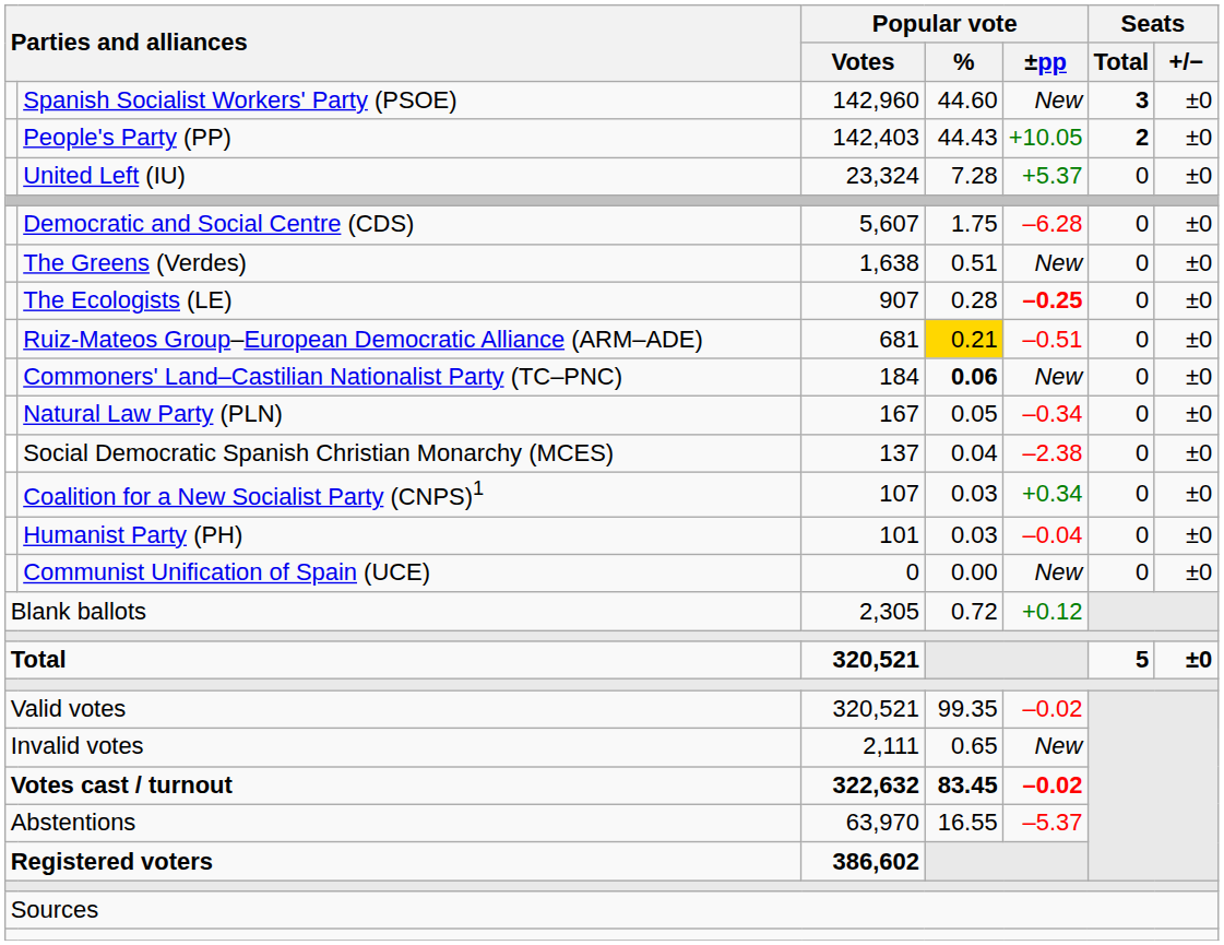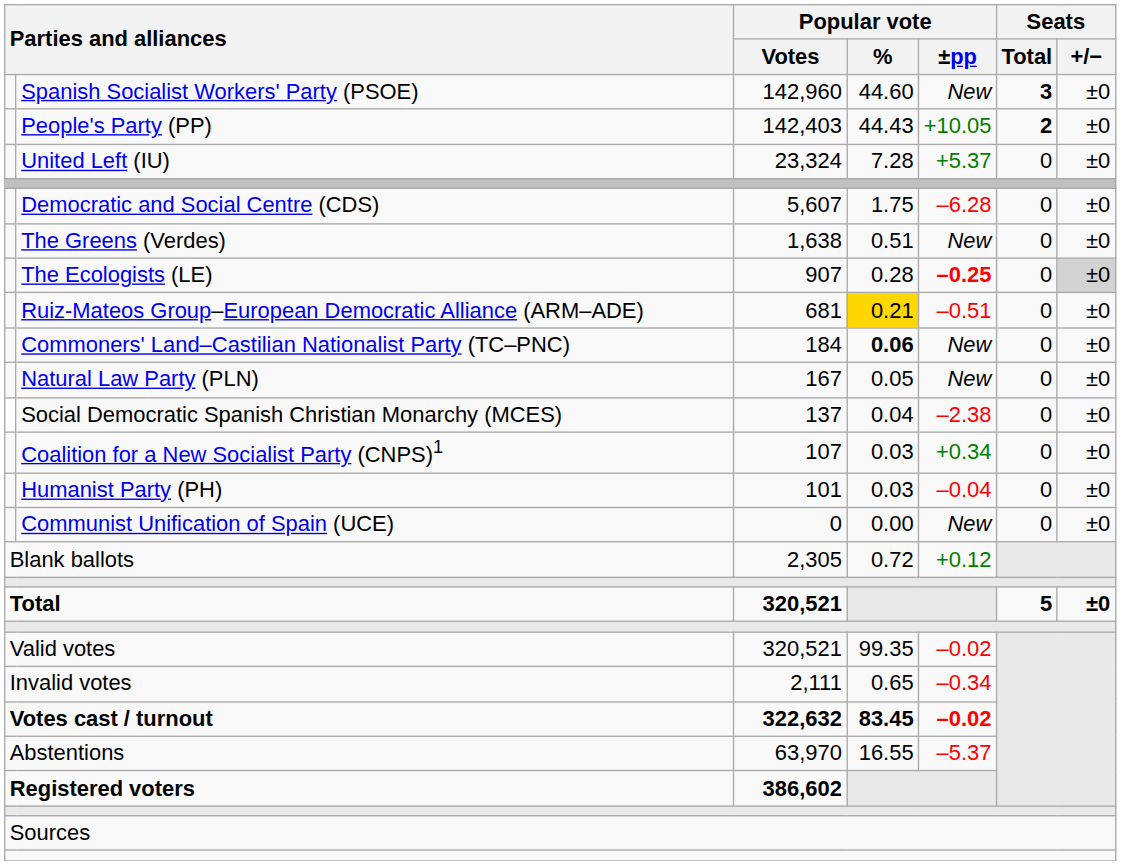 <table class="wikitable" style="text-align:right;">
 <tr>
 <th style="text-align:left;" rowspan="2" colspan="2" width="525">Parties and alliances</th>
 <th colspan="3">Popular vote</th>
 <th colspan="2">Seats</th>
 </tr>
 <tr>
 <th width="75">Votes</th>
 <th width="45">%</th>
 <th width="45">±<a href='#'>pp</a></th>
 <th width="35">Total</th>
 <th width="35">+/−</th>
 </tr>
 <tr>
 <td width="1" style="color:inherit;background:"></td>
 <td align="left"><a href='#'>Spanish Socialist Workers' Party</a> (PSOE)</td>
 <td>142,960</td>
 <td>44.60</td>
 <td><em>New</em></td>
 <td><strong>3</strong></td>
 <td>±0</td>
 </tr>
 <tr>
 <td style="color:inherit;background:"></td>
 <td align="left"><a href='#'>People's Party</a> (PP)</td>
 <td>142,403</td>
 <td>44.43</td>
 <td style="color:green;">+10.05</td>
 <td><strong>2</strong></td>
 <td>±0</td>
 </tr>
 <tr>
 <td style="color:inherit;background:"></td>
 <td align="left"><a href='#'>United Left</a> (IU)</td>
 <td>23,324</td>
 <td>7.28</td>
 <td style="color:green;">+5.37</td>
 <td>0</td>
 <td>±0</td>
 </tr>
 <tr>
 <td colspan="7" bgcolor="#C0C0C0"></td>
 </tr>
 <tr>
 <td style="color:inherit;background:"></td>
 <td align="left"><a href='#'>Democratic and Social Centre</a> (CDS)</td>
 <td>5,607</td>
 <td>1.75</td>
 <td style="color:red;">–6.28</td>
 <td>0</td>
 <td>±0</td>
 </tr>
 <tr>
 <td style="color:inherit;background:"></td>
 <td align="left"><a href='#'>The Greens</a> (Verdes)</td>
 <td>1,638</td>
 <td>0.51</td>
 <td><em>New</em></td>
 <td>0</td>
 <td>±0</td>
 </tr>
 <tr>
 <td style="color:inherit;background:"></td>
 <td align="left"><a href='#'>The Ecologists</a> (LE)</td>
 <td>907</td>
 <td>0.28</td>
 <td style="color:red;"><strong>–0.25</strong></td>
 <td>0</td>
-<td>±0</td>
+<td style="background: lightgrey;">±0</td>
 </tr>
 <tr>
 <td style="color:inherit;background:"></td>
 <td align="left"><a href='#'>Ruiz-Mateos Group</a>–<a href='#'>European Democratic Alliance</a> (ARM–ADE)</td>
 <td>681</td>
 <td style="background: gold;">0.21</td>
 <td style="color:red;">–0.51</td>
 <td>0</td>
 <td>±0</td>
 </tr>
 <tr>
 <td style="color:inherit;background:"></td>
 <td align="left"><a href='#'>Commoners' Land–Castilian Nationalist Party</a> (TC–PNC)</td>
 <td>184</td>
 <td><strong>0.06</strong></td>
 <td><em>New</em></td>
 <td>0</td>
 <td>±0</td>
 </tr>
 <tr>
 <td style="color:inherit;background:"></td>
 <td align="left"><a href='#'>Natural Law Party</a> (PLN)</td>
 <td>167</td>
 <td>0.05</td>
-<td style="color:red;">–0.34</td>
+<td><em>New</em></td>
 <td>0</td>
 <td>±0</td>
 </tr>
 <tr>
 <td bgcolor="white"></td>
 <td align="left">Social Democratic Spanish Christian Monarchy (MCES)</td>
 <td>137</td>
 <td>0.04</td>
 <td style="color:red;">–2.38</td>
 <td>0</td>
 <td>±0</td>
 </tr>
 <tr>
 <td style="color:inherit;background:"></td>
 <td align="left"><a href='#'>Coalition for a New Socialist Party</a> (CNPS)<sup>1</sup></td>
 <td>107</td>
 <td>0.03</td>
 <td style="color:green;">+0.34</td>
 <td>0</td>
 <td>±0</td>
 </tr>
 <tr>
 <td style="color:inherit;background:"></td>
 <td align="left"><a href='#'>Humanist Party</a> (PH)</td>
 <td>101</td>
 <td>0.03</td>
 <td style="color:red;">–0.04</td>
 <td>0</td>
 <td>±0</td>
 </tr>
 <tr>
 <td style="color:inherit;background:"></td>
 <td align="left"><a href='#'>Communist Unification of Spain</a> (UCE)</td>
 <td>0</td>
 <td>0.00</td>
 <td><em>New</em></td>
 <td>0</td>
 <td>±0</td>
 </tr>
 <tr>
 <td align="left" colspan="2">Blank ballots</td>
 <td>2,305</td>
 <td>0.72</td>
 <td style="color:green;">+0.12</td>
 <td bgcolor="#E9E9E9" colspan="2"></td>
 </tr>
 <tr>
 <td colspan="7" bgcolor="#E9E9E9"></td>
 </tr>
 <tr style="font-weight:bold;">
 <td align="left" colspan="2">Total</td>
 <td>320,521</td>
 <td bgcolor="#E9E9E9" colspan="2"></td>
 <td>5</td>
 <td>±0</td>
 </tr>
 <tr>
 <td colspan="7" bgcolor="#E9E9E9"></td>
 </tr>
 <tr>
 <td align="left" colspan="2">Valid votes</td>
 <td>320,521</td>
 <td>99.35</td>
 <td style="color:red;">–0.02</td>
 <td bgcolor="#E9E9E9" colspan="2" rowspan="5"></td>
 </tr>
 <tr>
 <td align="left" colspan="2">Invalid votes</td>
 <td>2,111</td>
 <td>0.65</td>
-<td><em>New</em></td>
+<td style="color:red;">–0.34</td>
 </tr>
 <tr style="font-weight:bold;">
 <td align="left" colspan="2">Votes cast / turnout</td>
 <td>322,632</td>
 <td>83.45</td>
 <td style="color:red;">–0.02</td>
 </tr>
 <tr>
 <td align="left" colspan="2">Abstentions</td>
 <td>63,970</td>
 <td>16.55</td>
 <td style="color:red;">–5.37</td>
 </tr>
 <tr style="font-weight:bold;">
 <td align="left" colspan="2">Registered voters</td>
 <td>386,602</td>
 <td bgcolor="#E9E9E9" colspan="2"></td>
 </tr>
 <tr>
 <td colspan="7" bgcolor="#E9E9E9"></td>
 </tr>
 <tr>
 <td align="left" colspan="7">Sources</td>
 </tr>
 <tr>
 <td colspan="7" style="text-align:left; max-width:790px;"></td>
 </tr>
 </table>
